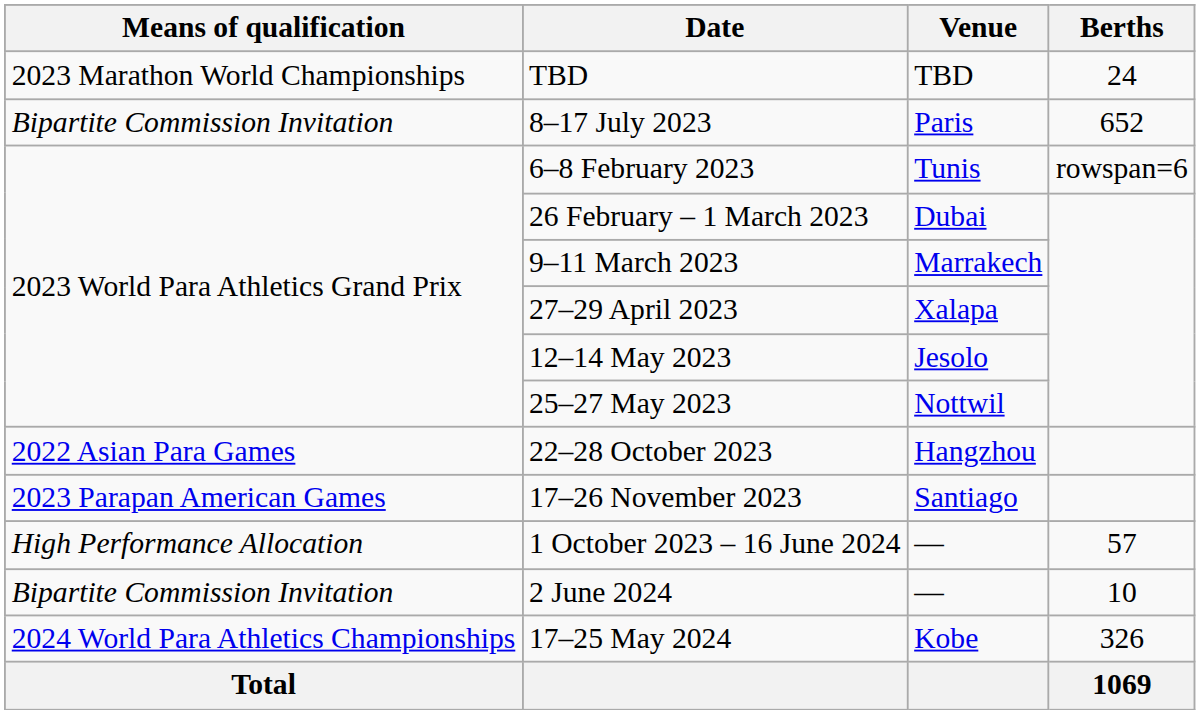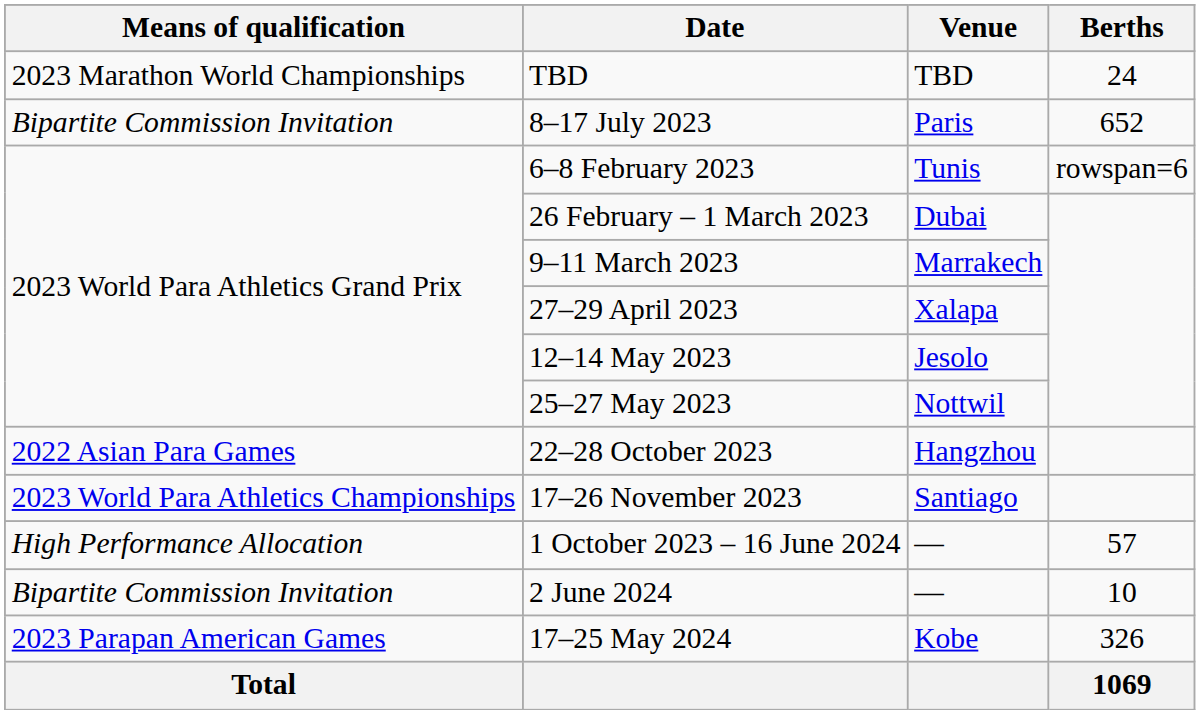 <table class="wikitable">
 <tr>
 <th>Means of qualification</th>
 <th>Date</th>
 <th>Venue</th>
 <th>Berths</th>
 </tr>
 <tr>
 <td>2023 Marathon World Championships</td>
 <td>TBD</td>
 <td>TBD</td>
 <td align=center>24</td>
 </tr>
 <tr>
 <td><em>Bipartite Commission Invitation</em></td>
 <td>8–17 July 2023</td>
 <td> <a href='#'>Paris</a></td>
 <td align=center>652</td>
 </tr>
 <tr>
 <td rowspan=6>2023 World Para Athletics Grand Prix</td>
 <td>6–8 February 2023</td>
 <td> <a href='#'>Tunis</a></td>
 <td>rowspan=6 </td>
 </tr>
 <tr>
 <td>26 February – 1 March 2023</td>
 <td> <a href='#'>Dubai</a></td>
 </tr>
 <tr>
 <td>9–11 March 2023</td>
 <td> <a href='#'>Marrakech</a></td>
 </tr>
 <tr>
 <td>27–29 April 2023</td>
 <td> <a href='#'>Xalapa</a></td>
 </tr>
 <tr>
 <td>12–14 May 2023</td>
 <td> <a href='#'>Jesolo</a></td>
 </tr>
 <tr>
 <td>25–27 May 2023</td>
 <td> <a href='#'>Nottwil</a></td>
 </tr>
 <tr>
 <td><a href='#'>2022 Asian Para Games</a></td>
 <td>22–28 October 2023</td>
 <td> <a href='#'>Hangzhou</a></td>
 <td></td>
 </tr>
 <tr>
-<td><a href='#'>2023 Parapan American Games</a></td>
+<td><a href='#'>2023 World Para Athletics Championships</a></td>
 <td>17–26 November 2023</td>
 <td> <a href='#'>Santiago</a></td>
 <td></td>
 </tr>
 <tr>
 <td><em>High Performance Allocation</em></td>
 <td>1 October 2023 – 16 June 2024</td>
 <td>—</td>
 <td align=center>57</td>
 </tr>
 <tr>
 <td><em>Bipartite Commission Invitation</em></td>
 <td>2 June 2024</td>
 <td>—</td>
 <td align=center>10</td>
 </tr>
 <tr>
-<td><a href='#'>2024 World Para Athletics Championships</a></td>
+<td><a href='#'>2023 Parapan American Games</a></td>
 <td>17–25 May 2024</td>
 <td> <a href='#'>Kobe</a></td>
 <td align=center>326</td>
 </tr>
 <tr>
 <th>Total</th>
 <th></th>
 <th></th>
 <th align="center">1069</th>
 </tr>
 </table>
